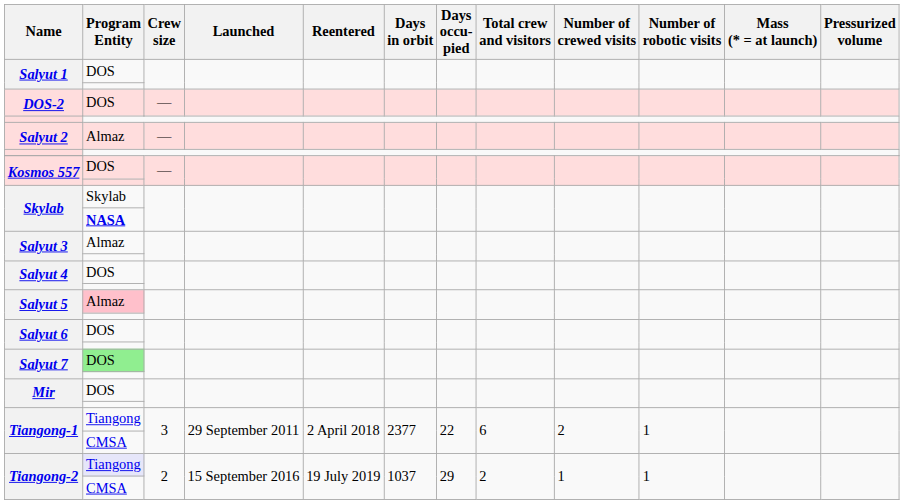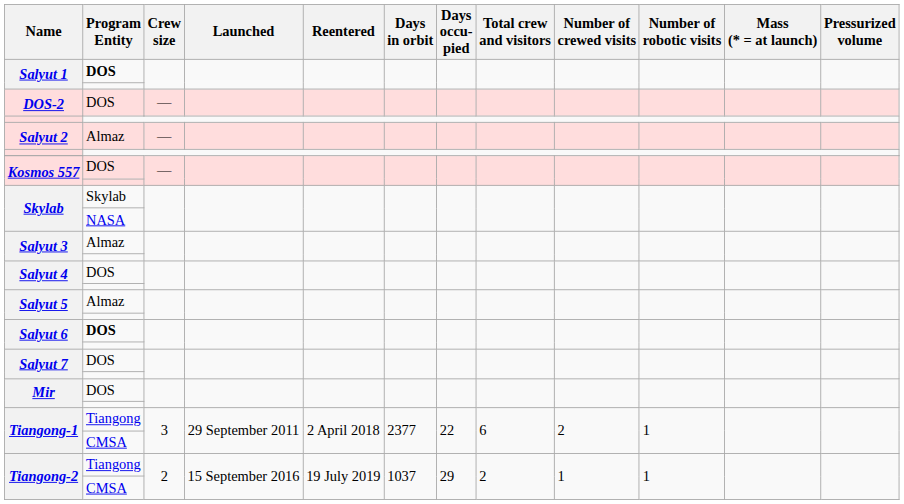 <table class="sortable wikitable plainrowheaders">
 <tr>
 <th scope="col">Name</th>
 <th scope="col">Program<br>Entity</th>
 <th scope="col">Crew <br> size</th>
 <th scope="col">Launched</th>
 <th scope="col">Reentered</th>
 <th scope="col">Days<br>in orbit</th>
 <th scope="col">Days<br>occu-<br>pied</th>
 <th scope="col">Total crew<br>and visitors</th>
 <th scope="col">Number of<br>crewed visits</th>
 <th scope="col">Number of<br>robotic visits</th>
 <th scope="col">Mass <br> (* = at launch)</th>
 <th scope="col">Pressurized<br>volume <br></th>
 </tr>
 <tr>
 <th rowspan="2" scope="row"><em><a href='#'>Salyut 1</a></em></th>
-<td>DOS</td>
+<td><strong>DOS</strong></td>
 <td rowspan="2" align="center"></td>
 <td rowspan="2" align="center"></td>
 <td rowspan="2" align="center"></td>
 <td rowspan="2"></td>
 <td rowspan="2"></td>
 <td rowspan="2"></td>
 <td rowspan="2"></td>
 <td rowspan="2"></td>
 <td rowspan="2"></td>
 <td rowspan="2"></td>
 </tr>
 <tr>
 <td></td>
 </tr>
 <tr style="background:#fdd">
 <th rowspan="2" scope="row" style="background:#fdd"><em><a href='#'>DOS-2</a></em><sup></sup></th>
 <td>DOS</td>
 <td rowspan="2" align="center">—</td>
 <td rowspan="2"></td>
 <td rowspan="2"></td>
 <td rowspan="2"></td>
 <td rowspan="2"></td>
 <td rowspan="2"></td>
 <td rowspan="2"></td>
 <td rowspan="2"></td>
 <td rowspan="2"></td>
 <td rowspan="2"></td>
 </tr>
 <tr style="background:#fdd">
 </tr>
 <tr>
 <td style="background:#fdd"></td>
 </tr>
 <tr>
 <th rowspan="2" scope="row" style="background:#fdd"><em><a href='#'>Salyut 2</a></em><sup></sup></th>
 <td style="background:#fdd">Almaz</td>
 <td style="background:#fdd" rowspan="2" align="center">—</td>
 <td style="background:#fdd" rowspan="2" align="center"></td>
 <td style="background:#fdd" rowspan="2" align="center"></td>
 <td style="background:#fdd" rowspan="2"></td>
 <td style="background:#fdd" rowspan="2"></td>
 <td style="background:#fdd" rowspan="2"></td>
 <td style="background:#fdd" rowspan="2"></td>
 <td style="background:#fdd" rowspan="2"></td>
 <td style="background:#fdd" rowspan="2"></td>
 <td style="background:#fdd" rowspan="2"></td>
 </tr>
 <tr style="background:#fdd">
 </tr>
 <tr>
 <td style="background:#fdd"></td>
 </tr>
 <tr>
 </tr>
 <tr style="background:#fdd">
 <th rowspan="2" scope="row" style="background:#fdd"><em><a href='#'>Kosmos 557</a></em><sup></sup></th>
 <td>DOS</td>
 <td rowspan="2" align="center">—</td>
 <td rowspan="2" align="center"></td>
 <td rowspan="2" align="center"></td>
 <td rowspan="2"></td>
 <td rowspan="2"></td>
 <td rowspan="2"></td>
 <td rowspan="2"></td>
 <td rowspan="2"></td>
 <td rowspan="2"></td>
 <td rowspan="2"></td>
 </tr>
 <tr>
 <td style="background:#fdd"></td>
 </tr>
 <tr>
 <th rowspan="2" scope="row"><em><a href='#'>Skylab</a></em></th>
 <td>Skylab</td>
 <td rowspan="2" align="center"></td>
 <td rowspan="2" align="center"></td>
 <td rowspan="2" align="center"></td>
 <td rowspan="2"></td>
 <td rowspan="2"></td>
 <td rowspan="2"></td>
 <td rowspan="2"></td>
 <td rowspan="2"></td>
 <td rowspan="2"></td>
 <td rowspan="2"></td>
 </tr>
 <tr>
-<td><strong> <a href='#'>NASA</a></strong></td>
+<td> <a href='#'>NASA</a></td>
 </tr>
 <tr>
 <th rowspan="2" scope="row"><em><a href='#'>Salyut 3</a></em></th>
 <td>Almaz</td>
 <td rowspan="2" align="center"></td>
 <td rowspan="2" align="center"></td>
 <td rowspan="2" align="center"></td>
 <td rowspan="2"></td>
 <td rowspan="2"></td>
 <td rowspan="2"></td>
 <td rowspan="2"></td>
 <td rowspan="2"></td>
 <td rowspan="2"></td>
 <td rowspan="2"></td>
 </tr>
 <tr>
 <td></td>
 </tr>
 <tr>
 <th rowspan="2" scope="row"><em><a href='#'>Salyut 4</a></em></th>
 <td>DOS</td>
 <td rowspan="2" align="center"></td>
 <td rowspan="2" align="center"></td>
 <td rowspan="2" align="center"></td>
 <td rowspan="2"></td>
 <td rowspan="2"></td>
 <td rowspan="2"></td>
 <td rowspan="2"></td>
 <td rowspan="2"></td>
 <td rowspan="2"></td>
 <td rowspan="2"></td>
 </tr>
 <tr>
 <td></td>
 </tr>
 <tr>
 <th rowspan="2" scope="row"><em><a href='#'>Salyut 5</a></em></th>
-<td style="background: pink;">Almaz</td>
+<td>Almaz</td>
 <td rowspan="2" align="center"></td>
 <td rowspan="2" align="center"></td>
 <td rowspan="2" align="center"></td>
 <td rowspan="2"></td>
 <td rowspan="2"></td>
 <td rowspan="2"></td>
 <td rowspan="2"></td>
 <td rowspan="2"></td>
 <td rowspan="2"></td>
 <td rowspan="2"></td>
 </tr>
 <tr>
 <td></td>
 </tr>
 <tr>
 <th rowspan="2" scope="row"><em><a href='#'>Salyut 6</a></em></th>
-<td>DOS</td>
+<td><strong>DOS</strong></td>
 <td rowspan="2" align="center"></td>
 <td rowspan="2" align="center"></td>
 <td rowspan="2" align="center"></td>
 <td rowspan="2"></td>
 <td rowspan="2"></td>
 <td rowspan="2"></td>
 <td rowspan="2"></td>
 <td rowspan="2"></td>
 <td rowspan="2"></td>
 <td rowspan="2"></td>
 </tr>
 <tr>
 <td></td>
 </tr>
 <tr>
 <th rowspan="2" scope="row"><em><a href='#'>Salyut 7</a></em></th>
-<td style="background: lightgreen;">DOS</td>
+<td>DOS</td>
 <td rowspan="2" align="center"></td>
 <td rowspan="2" align="center"></td>
 <td rowspan="2" align="center"></td>
 <td rowspan="2"></td>
 <td rowspan="2"></td>
 <td rowspan="2"></td>
 <td rowspan="2"></td>
 <td rowspan="2"></td>
 <td rowspan="2"></td>
 <td rowspan="2"></td>
 </tr>
 <tr>
 <td></td>
 </tr>
 <tr>
 <th rowspan="2" scope="row"><em><a href='#'>Mir</a></em></th>
 <td>DOS</td>
 <td rowspan="2" align="center"></td>
 <td rowspan="2" align="center"></td>
 <td rowspan="2" align="center"></td>
 <td rowspan="2"></td>
 <td rowspan="2"></td>
 <td rowspan="2"></td>
 <td rowspan="2"></td>
 <td rowspan="2"></td>
 <td rowspan="2"></td>
 <td rowspan="2"></td>
 </tr>
 <tr>
 <td></td>
 </tr>
 <tr>
 <th rowspan="2" scope="row"><em><a href='#'>Tiangong-1</a></em></th>
 <td><a href='#'>Tiangong</a></td>
 <td rowspan="2" align="center">3</td>
 <td rowspan="2" align="center">29 September 2011</td>
 <td rowspan="2" align="center">2 April 2018</td>
 <td rowspan="2">2377</td>
 <td rowspan="2">22</td>
 <td rowspan="2">6</td>
 <td rowspan="2">2</td>
 <td rowspan="2">1</td>
 <td rowspan="2"></td>
 <td rowspan="2"></td>
 </tr>
 <tr>
 <td> <a href='#'>CMSA</a></td>
 </tr>
 <tr>
 <th rowspan="2" scope="row"><em><a href='#'>Tiangong-2</a></em></th>
-<td style="background: lavender;"><a href='#'>Tiangong</a></td>
+<td><a href='#'>Tiangong</a></td>
 <td rowspan="2" align="center">2</td>
 <td rowspan="2" align="center">15 September 2016</td>
 <td rowspan="2" align="center">19 July 2019</td>
 <td rowspan="2">1037</td>
 <td rowspan="2">29</td>
 <td rowspan="2">2</td>
 <td rowspan="2">1</td>
 <td rowspan="2">1</td>
 <td rowspan="2"></td>
 <td rowspan="2"></td>
 </tr>
 <tr>
 <td> <a href='#'>CMSA</a></td>
 </tr>
 </table>
